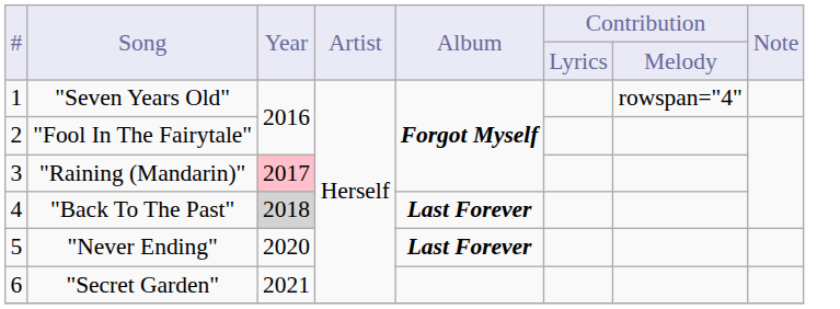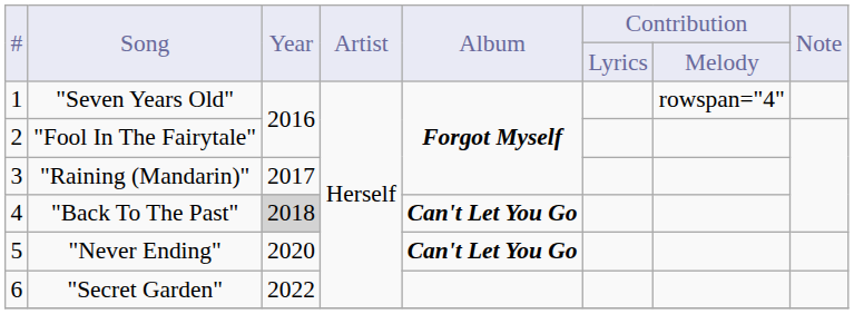 <table class="wikitable plainrowheaders">
 <tr style="background:#E9EAF5; color:#68699b" align="center">
 <td rowspan="2">#</td>
 <td rowspan="2">Song</td>
 <td rowspan="2">Year</td>
 <td rowspan="2">Artist</td>
 <td rowspan="2">Album</td>
 <td colspan="2">Contribution</td>
 <td rowspan="2">Note</td>
 </tr>
 <tr>
 <td style="background:#E9EAF5; color:#68699b" align="center">Lyrics</td>
 <td style="background:#E9EAF5; color:#68699b" align="center">Melody</td>
 </tr>
 <tr align= "center">
 <td>1</td>
 <td>"Seven Years Old"</td>
 <td rowspan="2">2016</td>
 <td rowspan="6">Herself</td>
 <td rowspan="3"><strong><em>Forgot Myself</em></strong></td>
 <td></td>
 <td>rowspan="4" </td>
 <td></td>
 </tr>
 <tr align= "center">
 <td>2</td>
 <td>"Fool In The Fairytale"</td>
 <td></td>
 <td></td>
 </tr>
 <tr align= "center">
 <td>3</td>
 <td>"Raining (Mandarin)"</td>
-<td style="background: pink;">2017</td>
+<td>2017</td>
 <td></td>
 <td></td>
 </tr>
 <tr align= "center">
 <td>4</td>
 <td>"Back To The Past"</td>
 <td style="background: lightgrey;">2018</td>
-<td><strong><em>Last Forever</em></strong></td>
+<td><strong><em>Can't Let You Go</em></strong></td>
 <td></td>
 <td></td>
 </tr>
 <tr align= "center">
 <td>5</td>
 <td>"Never Ending"</td>
 <td>2020</td>
-<td><strong><em>Last Forever</em></strong></td>
+<td><strong><em>Can't Let You Go</em></strong></td>
 <td></td>
 <td></td>
 <td></td>
 </tr>
 <tr align= "center">
 <td>6</td>
 <td>"Secret Garden"</td>
-<td>2021</td>
+<td>2022</td>
 <td></td>
 <td></td>
 <td></td>
 <td></td>
 </tr>
 <tr align= "center">
 </tr>
 </table>
